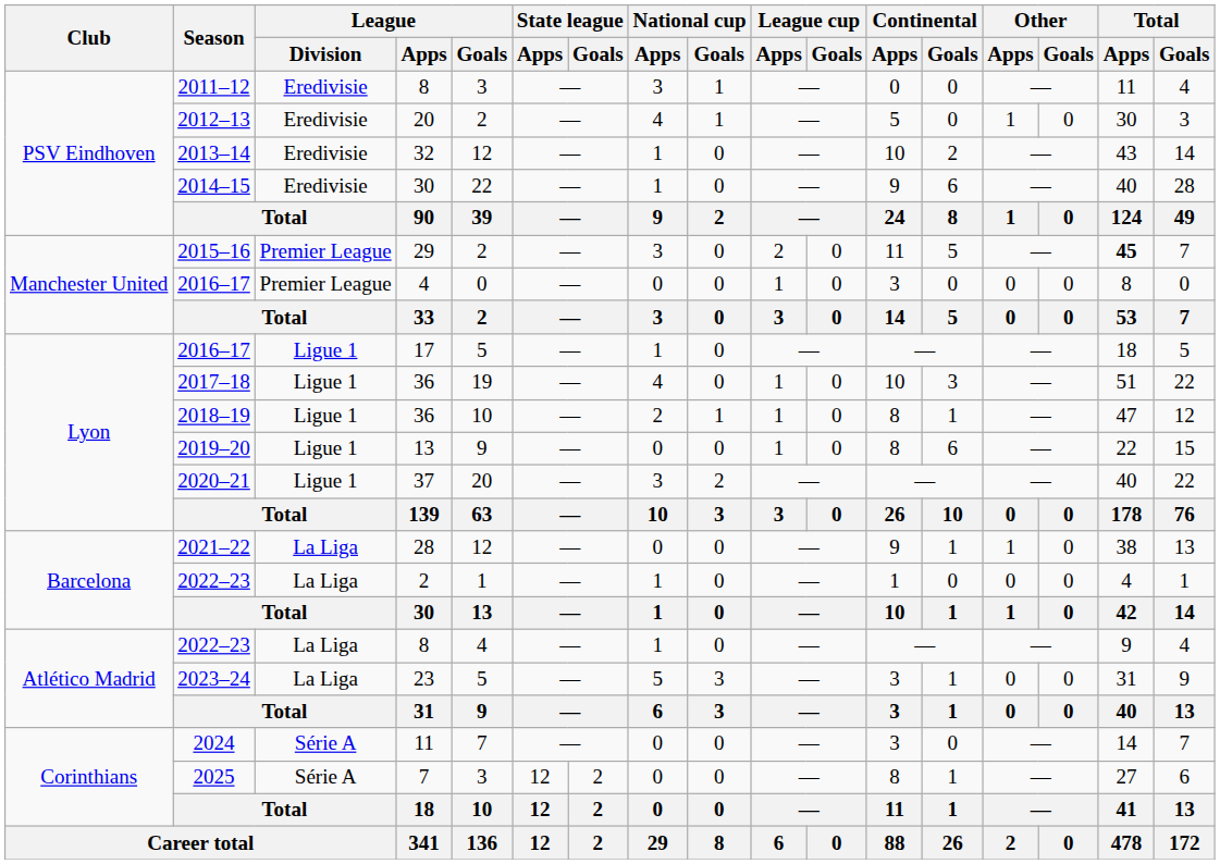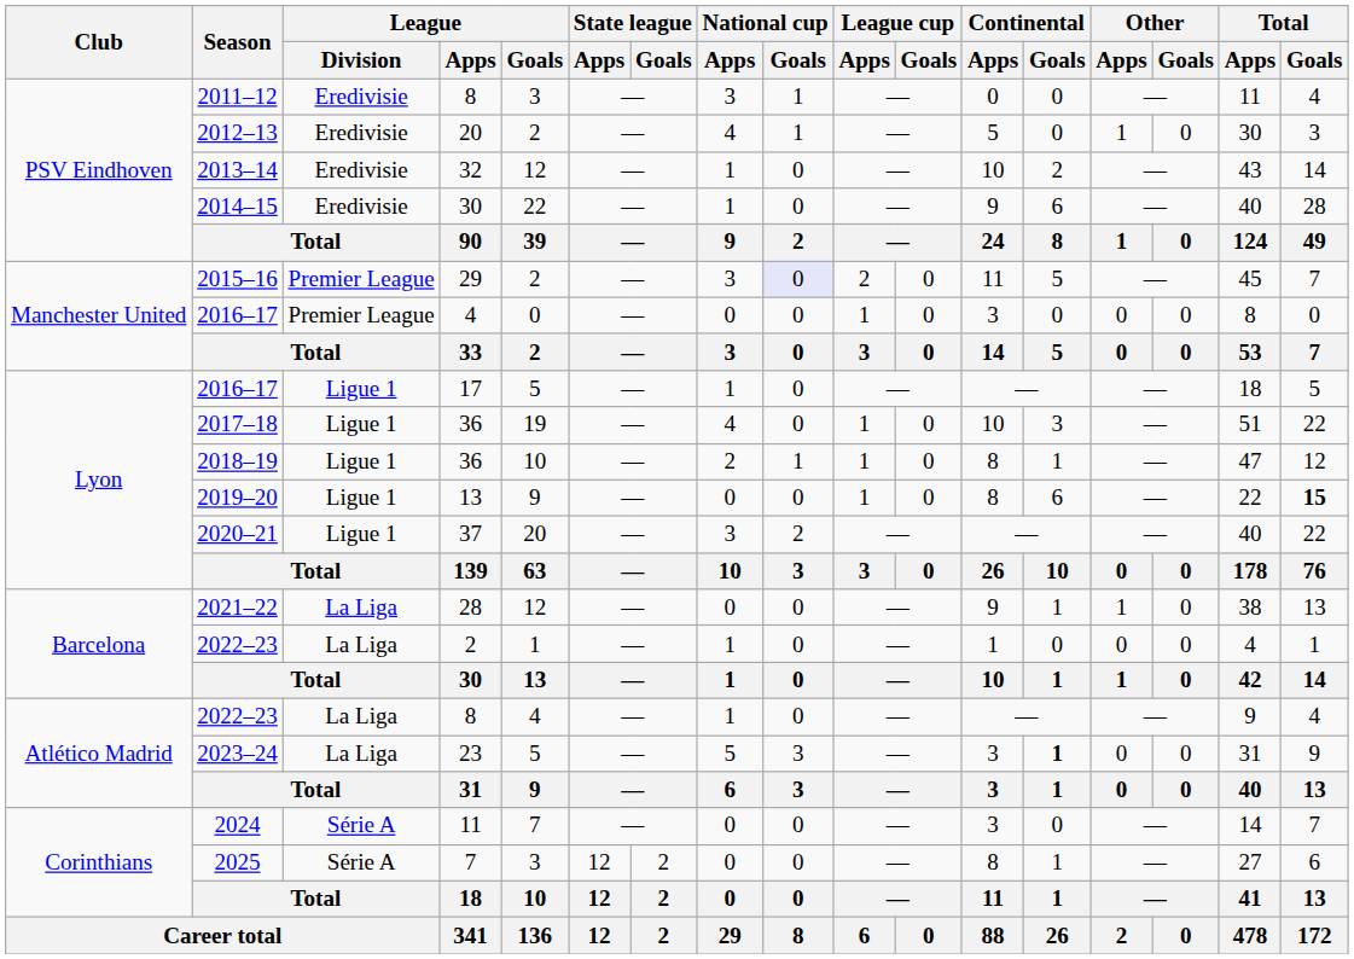 <table class="wikitable" style="text-align:center">
 <tr>
 <th rowspan="2">Club</th>
 <th rowspan="2">Season</th>
 <th colspan="3">League</th>
 <th colspan="2">State league</th>
 <th colspan="2">National cup</th>
 <th colspan="2">League cup</th>
 <th colspan="2">Continental</th>
 <th colspan="2">Other</th>
 <th colspan="2">Total</th>
 </tr>
 <tr>
 <th>Division</th>
 <th>Apps</th>
 <th>Goals</th>
 <th>Apps</th>
 <th>Goals</th>
 <th>Apps</th>
 <th>Goals</th>
 <th>Apps</th>
 <th>Goals</th>
 <th>Apps</th>
 <th>Goals</th>
 <th>Apps</th>
 <th>Goals</th>
 <th>Apps</th>
 <th>Goals</th>
 </tr>
 <tr>
 <td rowspan="5"><a href='#'>PSV Eindhoven</a></td>
 <td><a href='#'>2011–12</a></td>
 <td><a href='#'>Eredivisie</a></td>
 <td>8</td>
 <td>3</td>
 <td colspan="2">—</td>
 <td>3</td>
 <td>1</td>
 <td colspan="2">—</td>
 <td>0</td>
 <td>0</td>
 <td colspan="2">—</td>
 <td>11</td>
 <td>4</td>
 </tr>
 <tr>
 <td><a href='#'>2012–13</a></td>
 <td>Eredivisie</td>
 <td>20</td>
 <td>2</td>
 <td colspan="2">—</td>
 <td>4</td>
 <td>1</td>
 <td colspan="2">—</td>
 <td>5</td>
 <td>0</td>
 <td>1</td>
 <td>0</td>
 <td>30</td>
 <td>3</td>
 </tr>
 <tr>
 <td><a href='#'>2013–14</a></td>
 <td>Eredivisie</td>
 <td>32</td>
 <td>12</td>
 <td colspan="2">—</td>
 <td>1</td>
 <td>0</td>
 <td colspan="2">—</td>
 <td>10</td>
 <td>2</td>
 <td colspan="2">—</td>
 <td>43</td>
 <td>14</td>
 </tr>
 <tr>
 <td><a href='#'>2014–15</a></td>
 <td>Eredivisie</td>
 <td>30</td>
 <td>22</td>
 <td colspan="2">—</td>
 <td>1</td>
 <td>0</td>
 <td colspan="2">—</td>
 <td>9</td>
 <td>6</td>
 <td colspan="2">—</td>
 <td>40</td>
 <td>28</td>
 </tr>
 <tr>
 <th colspan="2">Total</th>
 <th>90</th>
 <th>39</th>
 <th colspan="2">—</th>
 <th>9</th>
 <th>2</th>
 <th colspan="2">—</th>
 <th>24</th>
 <th>8</th>
 <th>1</th>
 <th>0</th>
 <th>124</th>
 <th>49</th>
 </tr>
 <tr>
 <td rowspan="3"><a href='#'>Manchester United</a></td>
 <td><a href='#'>2015–16</a></td>
 <td><a href='#'>Premier League</a></td>
 <td>29</td>
 <td>2</td>
 <td colspan="2">—</td>
 <td>3</td>
-<td>0</td>
+<td style="background: lavender;">0</td>
 <td>2</td>
 <td>0</td>
 <td>11</td>
 <td>5</td>
 <td colspan="2">—</td>
-<td><strong>45</strong></td>
+<td>45</td>
 <td>7</td>
 </tr>
 <tr>
 <td><a href='#'>2016–17</a></td>
 <td>Premier League</td>
 <td>4</td>
 <td>0</td>
 <td colspan="2">—</td>
 <td>0</td>
 <td>0</td>
 <td>1</td>
 <td>0</td>
 <td>3</td>
 <td>0</td>
 <td>0</td>
 <td>0</td>
 <td>8</td>
 <td>0</td>
 </tr>
 <tr>
 <th colspan="2">Total</th>
 <th>33</th>
 <th>2</th>
 <th colspan="2">—</th>
 <th>3</th>
 <th>0</th>
 <th>3</th>
 <th>0</th>
 <th>14</th>
 <th>5</th>
 <th>0</th>
 <th>0</th>
 <th>53</th>
 <th>7</th>
 </tr>
 <tr>
 <td rowspan="6"><a href='#'>Lyon</a></td>
 <td><a href='#'>2016–17</a></td>
 <td><a href='#'>Ligue 1</a></td>
 <td>17</td>
 <td>5</td>
 <td colspan="2">—</td>
 <td>1</td>
 <td>0</td>
 <td colspan="2">—</td>
 <td colspan="2">—</td>
 <td colspan="2">—</td>
 <td>18</td>
 <td>5</td>
 </tr>
 <tr>
 <td><a href='#'>2017–18</a></td>
 <td>Ligue 1</td>
 <td>36</td>
 <td>19</td>
 <td colspan="2">—</td>
 <td>4</td>
 <td>0</td>
 <td>1</td>
 <td>0</td>
 <td>10</td>
 <td>3</td>
 <td colspan="2">—</td>
 <td>51</td>
 <td>22</td>
 </tr>
 <tr>
 <td><a href='#'>2018–19</a></td>
 <td>Ligue 1</td>
 <td>36</td>
 <td>10</td>
 <td colspan="2">—</td>
 <td>2</td>
 <td>1</td>
 <td>1</td>
 <td>0</td>
 <td>8</td>
 <td>1</td>
 <td colspan="2">—</td>
 <td>47</td>
 <td>12</td>
 </tr>
 <tr>
 <td><a href='#'>2019–20</a></td>
 <td>Ligue 1</td>
 <td>13</td>
 <td>9</td>
 <td colspan="2">—</td>
 <td>0</td>
 <td>0</td>
 <td>1</td>
 <td>0</td>
 <td>8</td>
 <td>6</td>
 <td colspan="2">—</td>
 <td>22</td>
-<td>15</td>
+<td><strong>15</strong></td>
 </tr>
 <tr>
 <td><a href='#'>2020–21</a></td>
 <td>Ligue 1</td>
 <td>37</td>
 <td>20</td>
 <td colspan="2">—</td>
 <td>3</td>
 <td>2</td>
 <td colspan="2">—</td>
 <td colspan="2">—</td>
 <td colspan="2">—</td>
 <td>40</td>
 <td>22</td>
 </tr>
 <tr>
 <th colspan="2">Total</th>
 <th>139</th>
 <th>63</th>
 <th colspan="2">—</th>
 <th>10</th>
 <th>3</th>
 <th>3</th>
 <th>0</th>
 <th>26</th>
 <th>10</th>
 <th>0</th>
 <th>0</th>
 <th>178</th>
 <th>76</th>
 </tr>
 <tr>
 <td rowspan="3"><a href='#'>Barcelona</a></td>
 <td><a href='#'>2021–22</a></td>
 <td><a href='#'>La Liga</a></td>
 <td>28</td>
 <td>12</td>
 <td colspan="2">—</td>
 <td>0</td>
 <td>0</td>
 <td colspan="2">—</td>
 <td>9</td>
 <td>1</td>
 <td>1</td>
 <td>0</td>
 <td>38</td>
 <td>13</td>
 </tr>
 <tr>
 <td><a href='#'>2022–23</a></td>
 <td>La Liga</td>
 <td>2</td>
 <td>1</td>
 <td colspan="2">—</td>
 <td>1</td>
 <td>0</td>
 <td colspan="2">—</td>
 <td>1</td>
 <td>0</td>
 <td>0</td>
 <td>0</td>
 <td>4</td>
 <td>1</td>
 </tr>
 <tr>
 <th colspan="2">Total</th>
 <th>30</th>
 <th>13</th>
 <th colspan="2">—</th>
 <th>1</th>
 <th>0</th>
 <th colspan="2">—</th>
 <th>10</th>
 <th>1</th>
 <th>1</th>
 <th>0</th>
 <th>42</th>
 <th>14</th>
 </tr>
 <tr>
 <td rowspan="3"><a href='#'>Atlético Madrid</a></td>
 <td><a href='#'>2022–23</a></td>
 <td>La Liga</td>
 <td>8</td>
 <td>4</td>
 <td colspan="2">—</td>
 <td>1</td>
 <td>0</td>
 <td colspan="2">—</td>
 <td colspan="2">—</td>
 <td colspan="2">—</td>
 <td>9</td>
 <td>4</td>
 </tr>
 <tr>
 <td><a href='#'>2023–24</a></td>
 <td>La Liga</td>
 <td>23</td>
 <td>5</td>
 <td colspan="2">—</td>
 <td>5</td>
 <td>3</td>
 <td colspan="2">—</td>
 <td>3</td>
-<td>1</td>
+<td><strong>1</strong></td>
 <td>0</td>
 <td>0</td>
 <td>31</td>
 <td>9</td>
 </tr>
 <tr>
 <th colspan="2">Total</th>
 <th>31</th>
 <th>9</th>
 <th colspan="2">—</th>
 <th>6</th>
 <th>3</th>
 <th colspan="2">—</th>
 <th>3</th>
 <th>1</th>
 <th>0</th>
 <th>0</th>
 <th>40</th>
 <th>13</th>
 </tr>
 <tr>
 <td rowspan="3"><a href='#'>Corinthians</a></td>
 <td><a href='#'>2024</a></td>
 <td><a href='#'>Série A</a></td>
 <td>11</td>
 <td>7</td>
 <td colspan="2">—</td>
 <td>0</td>
 <td>0</td>
 <td colspan="2">—</td>
 <td>3</td>
 <td>0</td>
 <td colspan="2">—</td>
 <td>14</td>
 <td>7</td>
 </tr>
 <tr>
 <td><a href='#'>2025</a></td>
 <td>Série A</td>
 <td>7</td>
 <td>3</td>
 <td>12</td>
 <td>2</td>
 <td>0</td>
 <td>0</td>
 <td colspan="2">—</td>
 <td>8</td>
 <td>1</td>
 <td colspan="2">—</td>
 <td>27</td>
 <td>6</td>
 </tr>
 <tr>
 <th colspan="2">Total</th>
 <th>18</th>
 <th>10</th>
 <th>12</th>
 <th>2</th>
 <th>0</th>
 <th>0</th>
 <th colspan="2">—</th>
 <th>11</th>
 <th>1</th>
 <th colspan="2">—</th>
 <th>41</th>
 <th>13</th>
 </tr>
 <tr>
 <th colspan="3">Career total</th>
 <th>341</th>
 <th>136</th>
 <th>12</th>
 <th>2</th>
 <th>29</th>
 <th>8</th>
 <th>6</th>
 <th>0</th>
 <th>88</th>
 <th>26</th>
 <th>2</th>
 <th>0</th>
 <th>478</th>
 <th>172</th>
 </tr>
 </table>
